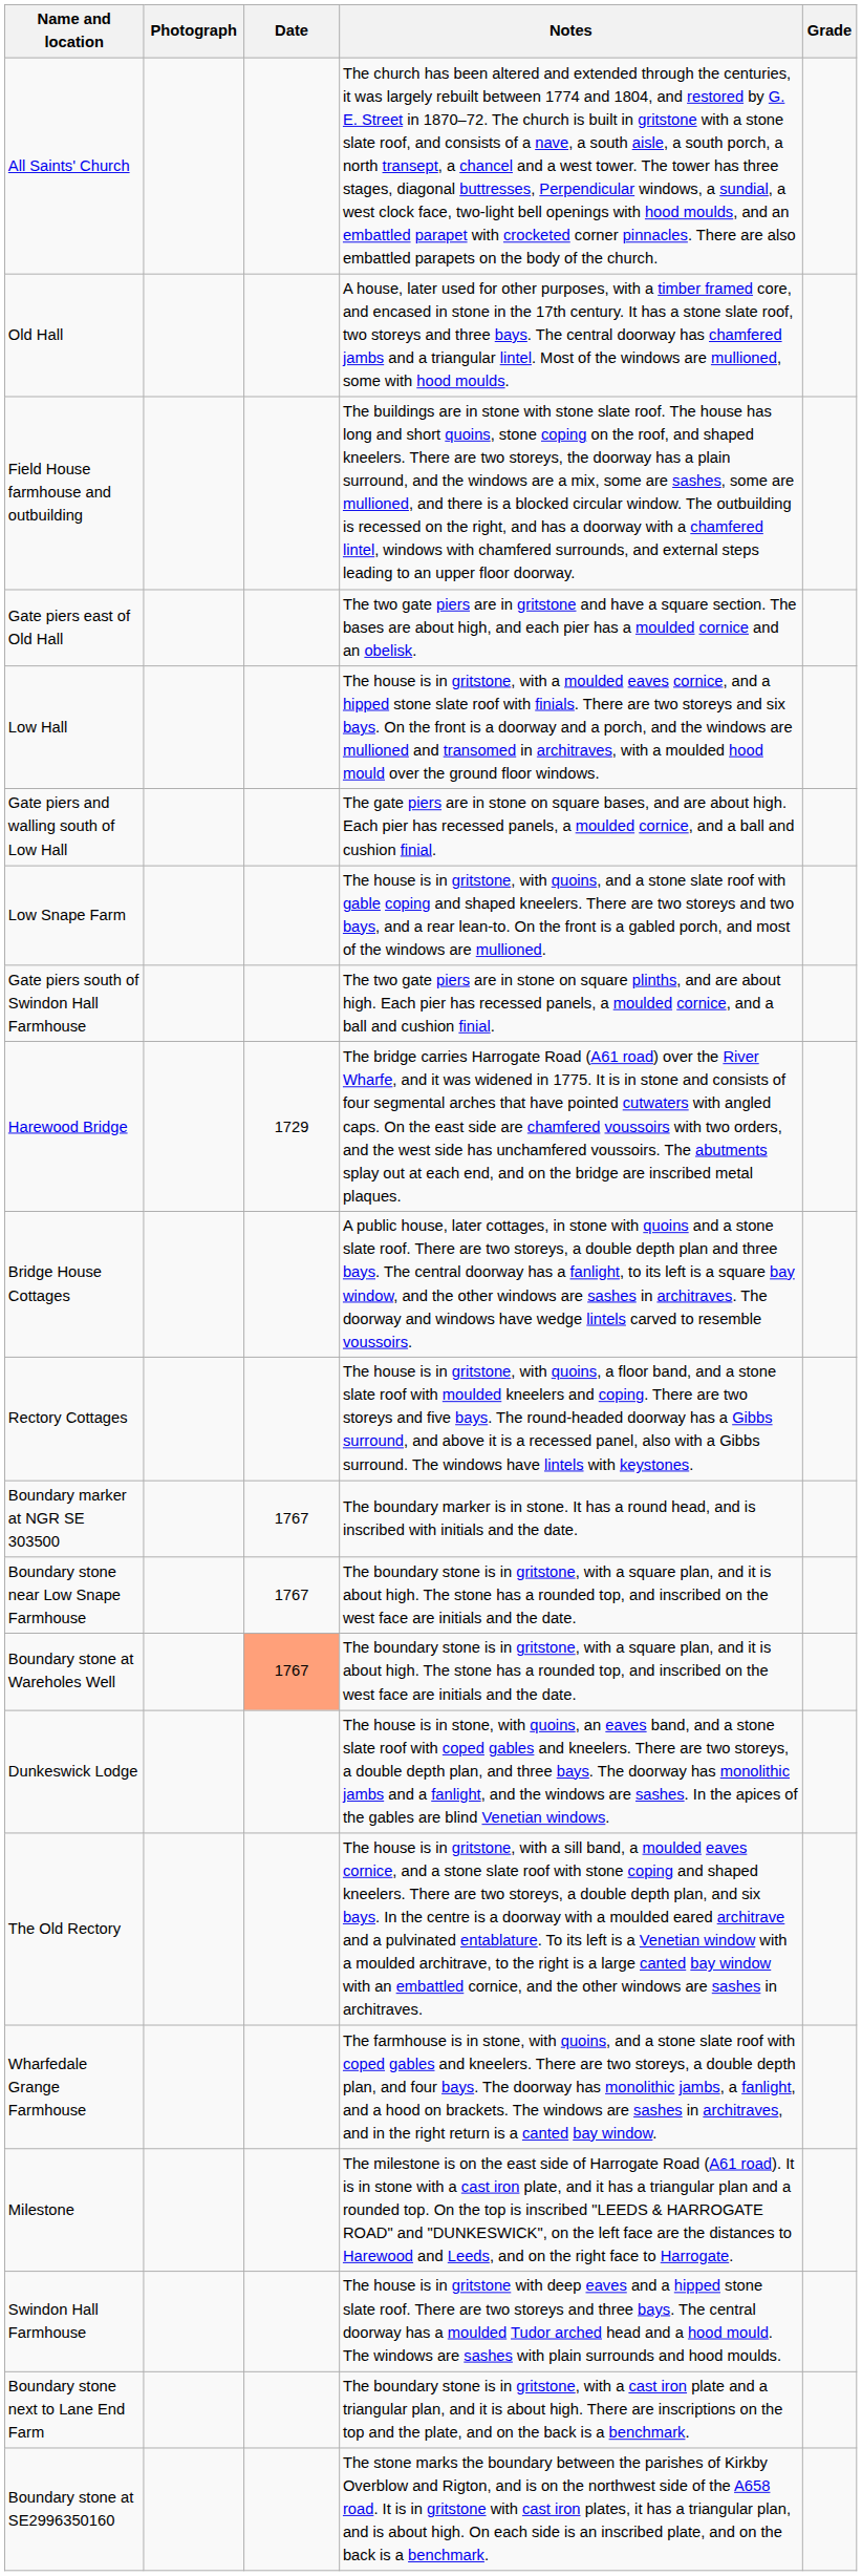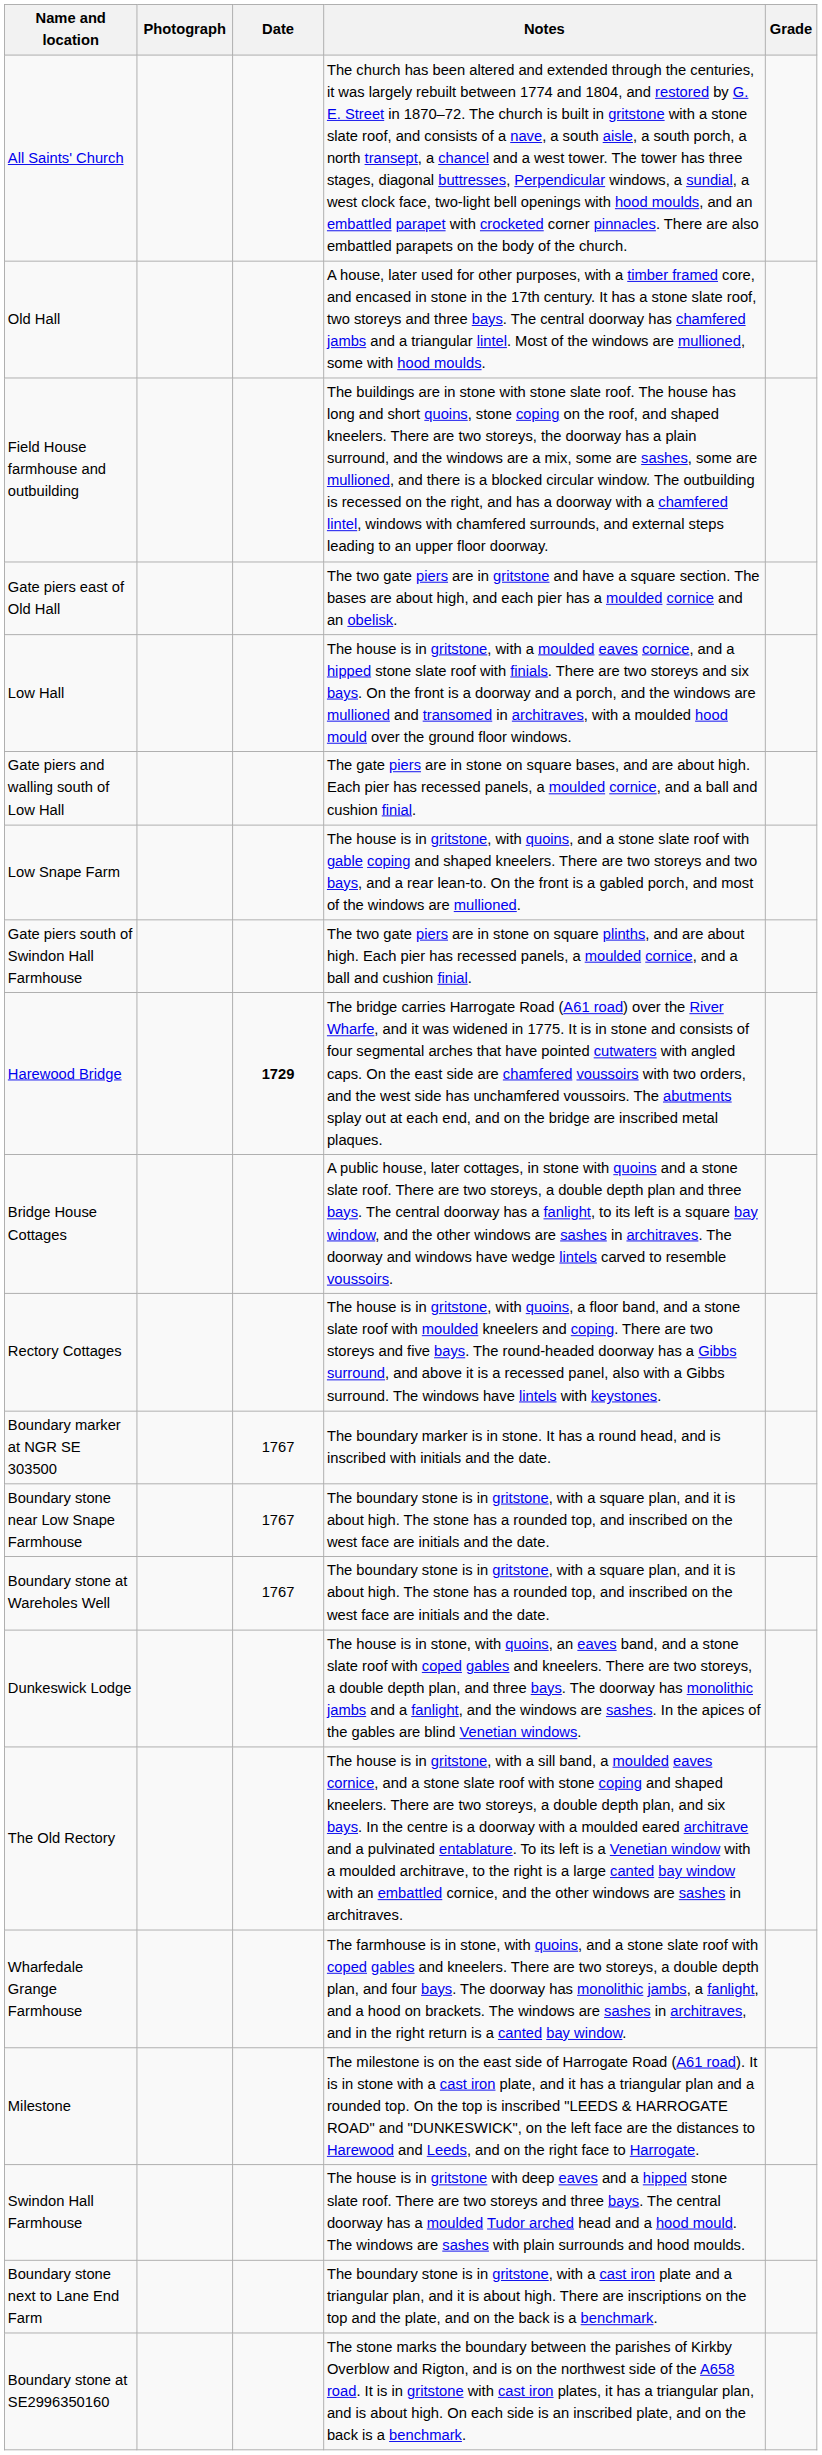 <table class="wikitable sortable plainrowheaders" style="width:100%; border:0px; text-align:left; line-height:150%">
 <tr>
 <th scope="col" style="width:150px">Name and location</th>
 <th scope="col" style="width:100px" class="unsortable">Photograph</th>
 <th scope="col" style="width:120px">Date</th>
 <th scope="col" style="width:650px" class="unsortable">Notes</th>
 <th scope="col" style="width:50px">Grade</th>
 </tr>
 <tr>
 <td><a href='#'>All Saints' Church</a><br><small></small></td>
 <td></td>
 <td align="center"></td>
 <td>The church has been altered and extended through the centuries, it was largely rebuilt between 1774 and 1804, and <a href='#'>restored</a> by <a href='#'>G. E. Street</a> in 1870–72. The church is built in <a href='#'>gritstone</a> with a stone slate roof, and consists of a <a href='#'>nave</a>, a south <a href='#'>aisle</a>, a south porch, a north <a href='#'>transept</a>, a <a href='#'>chancel</a> and a west tower. The tower has three stages, diagonal <a href='#'>buttresses</a>, <a href='#'>Perpendicular</a> windows, a <a href='#'>sundial</a>, a west clock face, two-light bell openings with <a href='#'>hood moulds</a>,  and an <a href='#'>embattled</a> <a href='#'>parapet</a> with <a href='#'>crocketed</a> corner <a href='#'>pinnacles</a>. There are also embattled parapets on the body of the church.</td>
 <td align="center" ></td>
 </tr>
 <tr>
 <td>Old Hall<br><small></small></td>
 <td></td>
 <td align="center"></td>
 <td>A house, later used for other purposes, with a <a href='#'>timber framed</a> core, and encased in stone in the 17th century. It has a stone slate roof, two storeys and three <a href='#'>bays</a>. The central doorway has <a href='#'>chamfered</a> <a href='#'>jambs</a> and a triangular <a href='#'>lintel</a>. Most of the windows are <a href='#'>mullioned</a>, some with <a href='#'>hood moulds</a>.</td>
 <td align="center" ></td>
 </tr>
 <tr>
 <td>Field House farmhouse and outbuilding<br><small></small></td>
 <td></td>
 <td align="center"></td>
 <td>The buildings are in stone with stone slate roof. The house has long and short <a href='#'>quoins</a>, stone <a href='#'>coping</a> on the roof, and shaped kneelers. There are two storeys, the doorway has a plain surround, and the windows are a mix, some are <a href='#'>sashes</a>, some are <a href='#'>mullioned</a>, and there is a blocked circular window. The outbuilding is recessed on the right, and has a doorway with a <a href='#'>chamfered</a> <a href='#'>lintel</a>, windows with chamfered surrounds, and external steps leading to an upper floor doorway.</td>
 <td align="center" ></td>
 </tr>
 <tr>
 <td>Gate piers east of Old Hall<br><small></small></td>
 <td></td>
 <td align="center"></td>
 <td>The two gate <a href='#'>piers</a> are in <a href='#'>gritstone</a> and have a square section. The bases are about  high, and each pier has a <a href='#'>moulded</a> <a href='#'>cornice</a> and an <a href='#'>obelisk</a>.</td>
 <td align="center" ></td>
 </tr>
 <tr>
 <td>Low Hall<br><small></small></td>
 <td></td>
 <td align="center"></td>
 <td>The house is in <a href='#'>gritstone</a>, with a <a href='#'>moulded</a> <a href='#'>eaves</a> <a href='#'>cornice</a>, and a <a href='#'>hipped</a> stone slate roof with <a href='#'>finials</a>.  There are two storeys and six <a href='#'>bays</a>. On the front is a doorway and a porch, and the windows are <a href='#'>mullioned</a> and <a href='#'>transomed</a> in <a href='#'>architraves</a>, with a moulded <a href='#'>hood mould</a> over the ground floor windows.</td>
 <td align="center" ></td>
 </tr>
 <tr>
 <td>Gate piers and walling south of Low Hall<br><small></small></td>
 <td></td>
 <td align="center"></td>
 <td>The gate <a href='#'>piers</a> are in stone on square bases, and are about  high. Each pier has recessed panels, a <a href='#'>moulded</a> <a href='#'>cornice</a>, and a ball and cushion <a href='#'>finial</a>.</td>
 <td align="center" ></td>
 </tr>
 <tr>
 <td>Low Snape Farm<br><small></small></td>
 <td></td>
 <td align="center"></td>
 <td>The house is in <a href='#'>gritstone</a>, with <a href='#'>quoins</a>, and a stone slate roof with <a href='#'>gable</a> <a href='#'>coping</a> and shaped kneelers. There are two storeys and two <a href='#'>bays</a>, and a rear lean-to. On the front is a gabled porch, and most of the windows are <a href='#'>mullioned</a>.</td>
 <td align="center" ></td>
 </tr>
 <tr>
 <td>Gate piers south of Swindon Hall Farmhouse<br><small></small></td>
 <td></td>
 <td align="center"></td>
 <td>The two gate <a href='#'>piers</a> are in stone on square <a href='#'>plinths</a>, and are about  high. Each pier has recessed panels, a <a href='#'>moulded</a> <a href='#'>cornice</a>, and a ball and cushion <a href='#'>finial</a>.</td>
 <td align="center" ></td>
 </tr>
 <tr>
 <td><a href='#'>Harewood Bridge</a><br><small></small></td>
 <td></td>
-<td align="center">1729</td>
+<td align="center"><strong>1729</strong></td>
 <td>The bridge carries Harrogate Road (<a href='#'>A61 road</a>) over the <a href='#'>River Wharfe</a>, and it was widened in 1775.  It is in stone and consists of four segmental arches that have pointed <a href='#'>cutwaters</a> with angled caps. On the east side are <a href='#'>chamfered</a> <a href='#'>voussoirs</a> with two orders, and the west side has unchamfered voussoirs. The <a href='#'>abutments</a> splay out at each end, and on the bridge are inscribed metal plaques.</td>
 <td align="center" ></td>
 </tr>
 <tr>
 <td>Bridge House Cottages<br><small></small></td>
 <td></td>
 <td align="center"></td>
 <td>A public house, later cottages, in stone with <a href='#'>quoins</a> and a stone slate roof. There are two storeys, a double depth plan and three <a href='#'>bays</a>. The central doorway has a <a href='#'>fanlight</a>, to its left is a square <a href='#'>bay window</a>, and the other windows are <a href='#'>sashes</a> in <a href='#'>architraves</a>. The doorway and windows have wedge <a href='#'>lintels</a> carved to resemble <a href='#'>voussoirs</a>.</td>
 <td align="center" ></td>
 </tr>
 <tr>
 <td>Rectory Cottages<br><small></small></td>
 <td></td>
 <td align="center"></td>
 <td>The house is in <a href='#'>gritstone</a>, with <a href='#'>quoins</a>, a floor band, and a stone slate roof with <a href='#'>moulded</a> kneelers and <a href='#'>coping</a>. There are two storeys and five <a href='#'>bays</a>. The round-headed doorway has a <a href='#'>Gibbs surround</a>, and above it is a recessed panel, also with a Gibbs surround. The windows have <a href='#'>lintels</a> with <a href='#'>keystones</a>.</td>
 <td align="center" ></td>
 </tr>
 <tr>
 <td>Boundary marker at NGR SE 303500<br><small></small></td>
 <td></td>
 <td align="center">1767</td>
 <td>The boundary marker is in stone. It has a round head, and is inscribed with initials and the date.</td>
 <td align="center" ></td>
 </tr>
 <tr>
 <td>Boundary stone near Low Snape Farmhouse<br><small></small></td>
 <td></td>
 <td align="center">1767</td>
 <td>The boundary stone is in <a href='#'>gritstone</a>, with a square plan, and it is about  high. The stone has a rounded top, and inscribed on the west face are initials and the date.</td>
 <td align="center" ></td>
 </tr>
 <tr>
 <td>Boundary stone at Wareholes Well<br><small></small></td>
 <td></td>
-<td align="center" style="background: lightsalmon;">1767</td>
+<td align="center">1767</td>
 <td>The boundary stone is in <a href='#'>gritstone</a>, with a square plan, and it is about  high. The stone has a rounded top, and inscribed on the west face are initials and the date.</td>
 <td align="center" ></td>
 </tr>
 <tr>
 <td>Dunkeswick Lodge<br><small></small></td>
 <td></td>
 <td align="center"></td>
 <td>The house is in stone, with <a href='#'>quoins</a>, an <a href='#'>eaves</a> band, and a stone slate roof with <a href='#'>coped</a> <a href='#'>gables</a> and kneelers. There are two storeys, a double depth plan, and three <a href='#'>bays</a>. The doorway has <a href='#'>monolithic</a> <a href='#'>jambs</a> and a <a href='#'>fanlight</a>, and the windows are <a href='#'>sashes</a>. In the apices of the gables are blind <a href='#'>Venetian windows</a>.</td>
 <td align="center" ></td>
 </tr>
 <tr>
 <td>The Old Rectory<br><small></small></td>
 <td></td>
 <td align="center"></td>
 <td>The  house is in <a href='#'>gritstone</a>, with a sill band, a <a href='#'>moulded</a> <a href='#'>eaves</a> <a href='#'>cornice</a>, and a stone slate roof with stone <a href='#'>coping</a> and shaped kneelers. There are two storeys, a double depth plan, and six <a href='#'>bays</a>. In the centre is a doorway with a moulded eared <a href='#'>architrave</a> and a pulvinated <a href='#'>entablature</a>. To its left is a <a href='#'>Venetian window</a> with a moulded architrave, to the right is a large <a href='#'>canted</a> <a href='#'>bay window</a> with an <a href='#'>embattled</a> cornice, and the other windows are <a href='#'>sashes</a> in architraves.</td>
 <td align="center" ></td>
 </tr>
 <tr>
 <td>Wharfedale Grange Farmhouse<br><small></small></td>
 <td></td>
 <td align="center"></td>
 <td>The farmhouse is in stone, with <a href='#'>quoins</a>, and a stone slate roof with <a href='#'>coped</a> <a href='#'>gables</a> and kneelers. There are two storeys, a double depth plan, and four <a href='#'>bays</a>. The doorway has <a href='#'>monolithic</a> <a href='#'>jambs</a>, a <a href='#'>fanlight</a>, and a hood on brackets. The windows are <a href='#'>sashes</a> in <a href='#'>architraves</a>, and in the right return is a <a href='#'>canted</a> <a href='#'>bay window</a>.</td>
 <td align="center" ></td>
 </tr>
 <tr>
 <td>Milestone<br><small></small></td>
 <td></td>
 <td align="center"></td>
 <td>The milestone is on the east side of Harrogate Road (<a href='#'>A61 road</a>). It is in stone with a <a href='#'>cast iron</a> plate, and it has a triangular plan and a rounded top. On the top is inscribed "LEEDS & HARROGATE ROAD" and "DUNKESWICK", on the left face are the distances to <a href='#'>Harewood</a> and <a href='#'>Leeds</a>, and on the right face to <a href='#'>Harrogate</a>.</td>
 <td align="center" ></td>
 </tr>
 <tr>
 <td>Swindon Hall Farmhouse<br><small></small></td>
 <td></td>
 <td align="center"></td>
 <td>The house is in <a href='#'>gritstone</a> with deep <a href='#'>eaves</a> and a <a href='#'>hipped</a> stone slate roof. There are two storeys and three <a href='#'>bays</a>. The central doorway has a <a href='#'>moulded</a> <a href='#'>Tudor arched</a> head and a <a href='#'>hood mould</a>. The windows are <a href='#'>sashes</a> with plain surrounds and hood moulds.</td>
 <td align="center" ></td>
 </tr>
 <tr>
 <td>Boundary stone next to Lane End Farm<br><small></small></td>
 <td></td>
 <td align="center"></td>
 <td>The boundary stone is in <a href='#'>gritstone</a>, with a <a href='#'>cast iron</a> plate and a triangular plan, and it is about  high. There are inscriptions on the top and the plate, and on the back is a <a href='#'>benchmark</a>.</td>
 <td align="center" ></td>
 </tr>
 <tr>
 <td>Boundary stone at SE2996350160<br><small></small></td>
 <td></td>
 <td align="center"></td>
 <td>The stone marks the boundary between the parishes of Kirkby Overblow and Rigton, and is on the northwest side of the <a href='#'>A658 road</a>. It is in <a href='#'>gritstone</a> with <a href='#'>cast iron</a> plates, it has a triangular plan, and is about  high.  On each side is an inscribed plate, and on the back is a <a href='#'>benchmark</a>.</td>
 <td align="center" ></td>
 </tr>
 <tr>
 </tr>
 </table>
